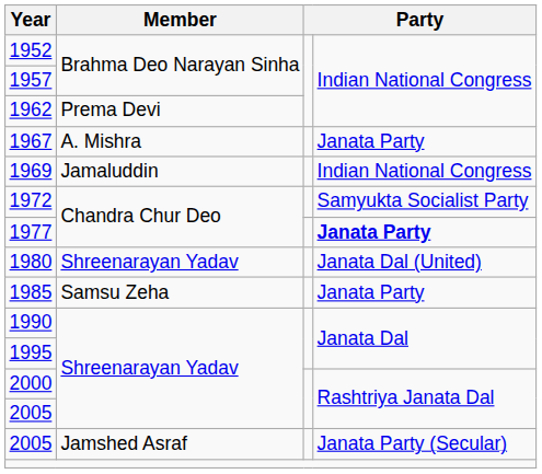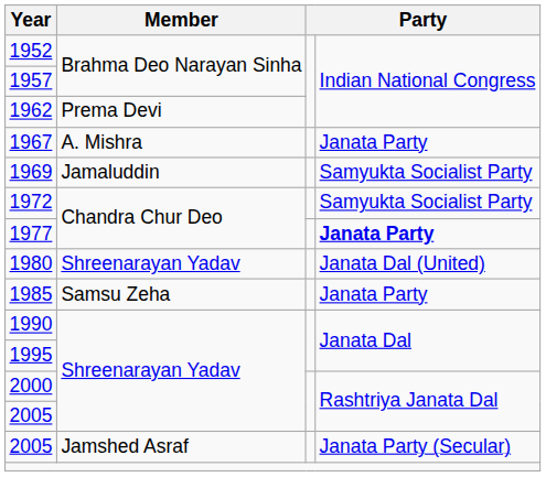 <table class="wikitable sortable">
 <tr>
 <th>Year</th>
 <th>Member</th>
 <th colspan="2">Party</th>
 </tr>
 <tr>
 <td><a href='#'>1952</a></td>
 <td rowspan="2">Brahma Deo Narayan Sinha</td>
 <td rowspan="3" style="background-color: "></td>
 <td rowspan="3"><a href='#'>Indian National Congress</a></td>
 </tr>
 <tr>
 <td><a href='#'>1957</a></td>
 </tr>
 <tr>
 <td><a href='#'>1962</a></td>
 <td>Prema Devi</td>
 </tr>
 <tr>
 <td><a href='#'>1967</a></td>
 <td>A. Mishra</td>
 <td style="background-color: "></td>
 <td><a href='#'>Janata Party</a></td>
 </tr>
 <tr>
 <td><a href='#'>1969</a></td>
 <td>Jamaluddin</td>
 <td style="background-color: "></td>
-<td><a href='#'>Indian National Congress</a></td>
+<td><a href='#'>Samyukta Socialist Party</a></td>
 </tr>
 <tr>
 <td><a href='#'>1972</a></td>
 <td rowspan="2">Chandra Chur Deo</td>
 <td style="background-color:"></td>
 <td><a href='#'>Samyukta Socialist Party</a></td>
 </tr>
 <tr>
 <td><a href='#'>1977</a></td>
 <td style="background-color:"></td>
 <td><strong><a href='#'>Janata Party</a></strong></td>
 </tr>
 <tr>
 <td><a href='#'>1980</a></td>
 <td><a href='#'>Shreenarayan Yadav</a></td>
 <td style="background-color:"></td>
 <td><a href='#'>Janata Dal (United)</a></td>
 </tr>
 <tr>
 <td><a href='#'>1985</a></td>
 <td>Samsu Zeha</td>
 <td style="background-color:"></td>
 <td><a href='#'>Janata Party</a></td>
 </tr>
 <tr>
 <td><a href='#'>1990</a></td>
 <td rowspan="4"><a href='#'>Shreenarayan Yadav</a></td>
 <td rowspan="2" style="background-color:"></td>
 <td rowspan="2"><a href='#'>Janata Dal</a></td>
 </tr>
 <tr>
 <td><a href='#'>1995</a></td>
 </tr>
 <tr>
 <td><a href='#'>2000</a></td>
 <td rowspan="2" style="background-color:"></td>
 <td rowspan="2"><a href='#'>Rashtriya Janata Dal</a></td>
 </tr>
 <tr>
 <td><a href='#'>2005</a></td>
 </tr>
 <tr>
 <td><a href='#'>2005</a></td>
 <td>Jamshed Asraf</td>
 <td style="background-color: "></td>
 <td><a href='#'>Janata Party (Secular)</a></td>
 </tr>
 <tr>
 <td colspan="4"></td>
 </tr>
 </table>
